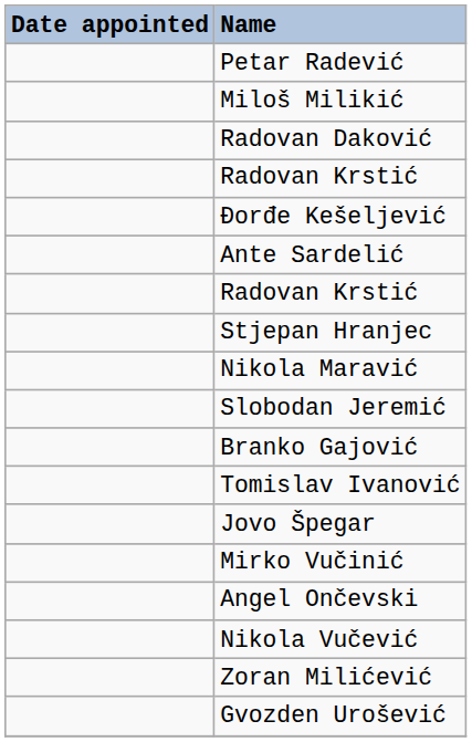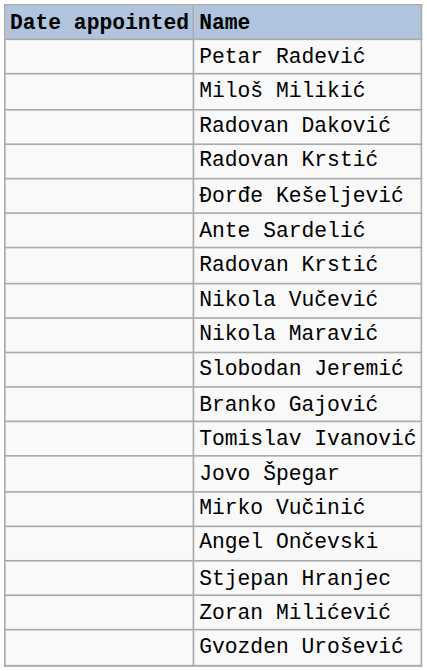 <table class="wikitable">
 <tr>
 <th style="text-align: left; background: #B0C4DE;">Date appointed</th>
 <th style="text-align: left; background: #B0C4DE;">Name</th>
 </tr>
 <tr>
 <td></td>
 <td>Petar Radević</td>
 </tr>
 <tr>
 <td></td>
 <td>Miloš Milikić</td>
 </tr>
 <tr>
 <td></td>
 <td>Radovan Daković</td>
 </tr>
 <tr>
 <td></td>
 <td>Radovan Krstić</td>
 </tr>
 <tr>
 <td></td>
 <td>Đorđe Kešeljević</td>
 </tr>
 <tr>
 <td></td>
 <td>Ante Sardelić</td>
 </tr>
 <tr>
 <td></td>
 <td>Radovan Krstić</td>
 </tr>
 <tr>
 <td></td>
-<td>Stjepan Hranjec</td>
+<td>Nikola Vučević</td>
 </tr>
 <tr>
 <td></td>
 <td>Nikola Maravić</td>
 </tr>
 <tr>
 <td></td>
 <td>Slobodan Jeremić</td>
 </tr>
 <tr>
 <td></td>
 <td>Branko Gajović</td>
 </tr>
 <tr>
 <td></td>
 <td>Tomislav Ivanović</td>
 </tr>
 <tr>
 <td></td>
 <td>Jovo Špegar</td>
 </tr>
 <tr>
 <td></td>
 <td>Mirko Vučinić</td>
 </tr>
 <tr>
 <td></td>
 <td>Angel Ončevski</td>
 </tr>
 <tr>
 <td></td>
-<td>Nikola Vučević</td>
+<td>Stjepan Hranjec</td>
 </tr>
 <tr>
 <td></td>
 <td>Zoran Milićević</td>
 </tr>
 <tr>
 <td></td>
 <td>Gvozden Urošević</td>
 </tr>
 <tr>
 </tr>
 </table>
